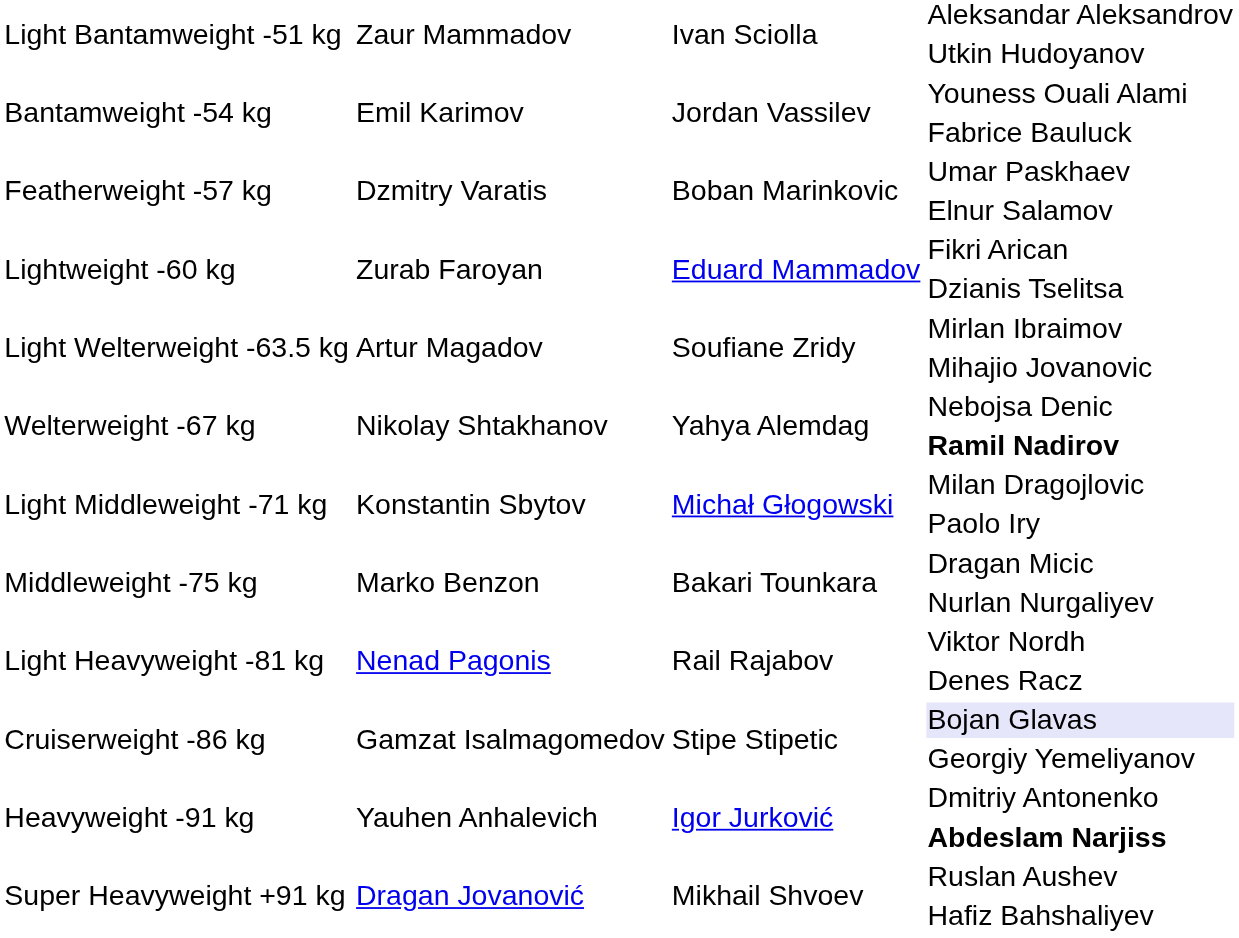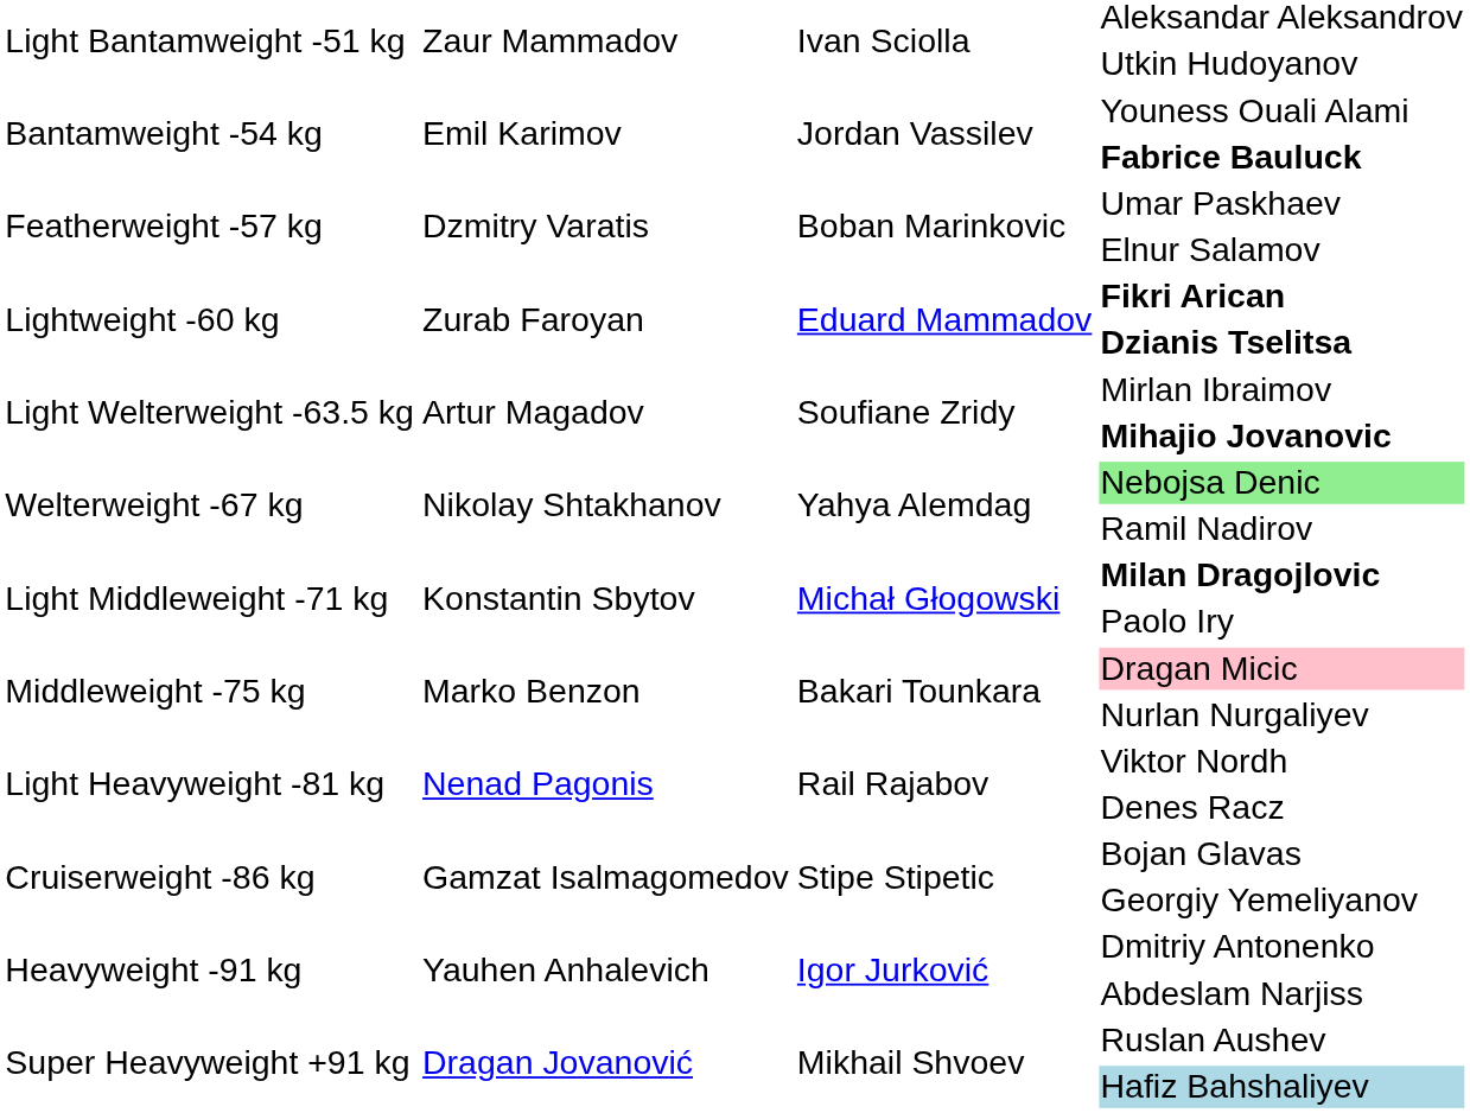 <table>
 <tr>
 <td rowspan=2>Light Bantamweight -51 kg<br></td>
 <td rowspan=2>Zaur Mammadov </td>
 <td rowspan=2>Ivan Sciolla </td>
 <td>Aleksandar Aleksandrov </td>
 </tr>
 <tr>
 <td>Utkin Hudoyanov </td>
 </tr>
 <tr>
 <td rowspan=2>Bantamweight -54 kg<br></td>
 <td rowspan=2>Emil Karimov </td>
 <td rowspan=2>Jordan Vassilev </td>
 <td>Youness Ouali Alami </td>
 </tr>
 <tr>
-<td>Fabrice Bauluck </td>
+<td><strong>Fabrice Bauluck </strong></td>
 </tr>
 <tr>
 <td rowspan=2>Featherweight -57 kg<br></td>
 <td rowspan=2>Dzmitry Varatis </td>
 <td rowspan=2>Boban Marinkovic </td>
 <td>Umar Paskhaev </td>
 </tr>
 <tr>
 <td>Elnur Salamov </td>
 </tr>
 <tr>
 <td rowspan=2>Lightweight -60 kg<br></td>
 <td rowspan=2>Zurab Faroyan </td>
 <td rowspan=2><a href='#'>Eduard Mammadov</a> </td>
-<td>Fikri Arican </td>
+<td><strong>Fikri Arican </strong></td>
 </tr>
 <tr>
-<td>Dzianis Tselitsa </td>
+<td><strong>Dzianis Tselitsa </strong></td>
 </tr>
 <tr>
 <td rowspan=2>Light Welterweight -63.5 kg<br></td>
 <td rowspan=2>Artur Magadov </td>
 <td rowspan=2>Soufiane Zridy </td>
 <td>Mirlan Ibraimov </td>
 </tr>
 <tr>
-<td>Mihajio Jovanovic </td>
+<td><strong>Mihajio Jovanovic </strong></td>
 </tr>
 <tr>
 <td rowspan=2>Welterweight -67 kg<br></td>
 <td rowspan=2>Nikolay Shtakhanov </td>
 <td rowspan=2>Yahya Alemdag </td>
-<td>Nebojsa Denic </td>
+<td style="background: lightgreen;">Nebojsa Denic </td>
 </tr>
 <tr>
-<td><strong>Ramil Nadirov </strong></td>
+<td>Ramil Nadirov </td>
 </tr>
 <tr>
 <td rowspan=2>Light Middleweight -71 kg<br></td>
 <td rowspan=2>Konstantin Sbytov </td>
 <td rowspan=2><a href='#'>Michał Głogowski</a> </td>
-<td>Milan Dragojlovic </td>
+<td><strong>Milan Dragojlovic </strong></td>
 </tr>
 <tr>
 <td>Paolo Iry </td>
 </tr>
 <tr>
 <td rowspan=2>Middleweight -75 kg<br></td>
 <td rowspan=2>Marko Benzon </td>
 <td rowspan=2>Bakari Tounkara </td>
-<td>Dragan Micic </td>
+<td style="background: pink;">Dragan Micic </td>
 </tr>
 <tr>
 <td>Nurlan Nurgaliyev </td>
 </tr>
 <tr>
 <td rowspan=2>Light Heavyweight -81 kg<br></td>
 <td rowspan=2><a href='#'>Nenad Pagonis</a> </td>
 <td rowspan=2>Rail Rajabov </td>
 <td>Viktor Nordh </td>
 </tr>
 <tr>
 <td>Denes Racz </td>
 </tr>
 <tr>
 <td rowspan=2>Cruiserweight -86 kg<br></td>
 <td rowspan=2>Gamzat Isalmagomedov </td>
 <td rowspan=2>Stipe Stipetic </td>
-<td style="background: lavender;">Bojan Glavas </td>
+<td>Bojan Glavas </td>
 </tr>
 <tr>
 <td>Georgiy Yemeliyanov </td>
 </tr>
 <tr>
 <td rowspan=2>Heavyweight -91 kg<br></td>
 <td rowspan=2>Yauhen Anhalevich </td>
 <td rowspan=2><a href='#'>Igor Jurković</a> </td>
 <td>Dmitriy Antonenko </td>
 </tr>
 <tr>
-<td><strong>Abdeslam Narjiss </strong></td>
+<td>Abdeslam Narjiss </td>
 </tr>
 <tr>
 <td rowspan=2>Super Heavyweight +91 kg<br></td>
 <td rowspan=2><a href='#'>Dragan Jovanović</a> </td>
 <td rowspan=2>Mikhail Shvoev </td>
 <td>Ruslan Aushev </td>
 </tr>
 <tr>
-<td>Hafiz Bahshaliyev </td>
+<td style="background: lightblue;">Hafiz Bahshaliyev </td>
 </tr>
 <tr>
 </tr>
 </table>
